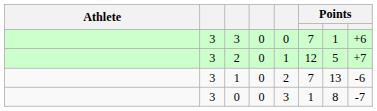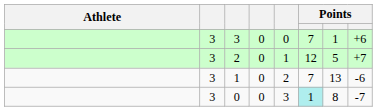 <table class="wikitable" style="text-align: center; font-size:100% ">
 <tr>
 <th rowspan=2 width=250>Athlete</th>
 <th rowspan=2 width=25></th>
 <th rowspan=2 width=25></th>
 <th rowspan=2 width=25></th>
 <th rowspan=2 width=25></th>
 <th colspan=3>Points</th>
 </tr>
 <tr>
 <th width=25></th>
 <th width=25></th>
 <th width=25></th>
 </tr>
 <tr bgcolor="ccffcc">
 <td align=left></td>
 <td>3</td>
 <td>3</td>
 <td>0</td>
 <td>0</td>
 <td>7</td>
 <td>1</td>
 <td>+6</td>
 </tr>
 <tr bgcolor="ccffcc">
 <td align=left></td>
 <td>3</td>
 <td>2</td>
 <td>0</td>
 <td>1</td>
 <td>12</td>
 <td>5</td>
 <td>+7</td>
 </tr>
 <tr>
 <td align=left></td>
 <td>3</td>
 <td>1</td>
 <td>0</td>
 <td>2</td>
 <td>7</td>
 <td>13</td>
 <td>-6</td>
 </tr>
 <tr>
 <td align=left></td>
 <td>3</td>
 <td>0</td>
 <td>0</td>
 <td>3</td>
-<td>1</td>
+<td style="background: paleturquoise;">1</td>
 <td>8</td>
 <td>-7</td>
 </tr>
 </table>
